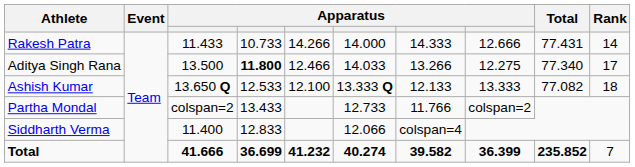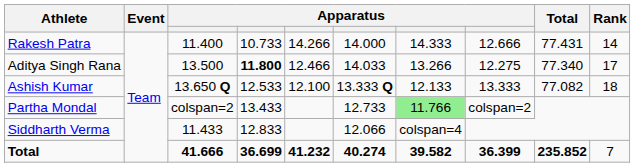 <table class=wikitable style="text-align:center; font-size:90%">
 <tr>
 <th rowspan=2>Athlete</th>
 <th rowspan=2>Event</th>
 <th colspan=6>Apparatus</th>
 <th rowspan=2>Total</th>
 <th rowspan=2>Rank</th>
 </tr>
 <tr style="font-size:95%">
 <th></th>
 <th></th>
 <th></th>
 <th></th>
 <th></th>
 <th></th>
 </tr>
 <tr>
 <td align=left><a href='#'>Rakesh Patra</a></td>
 <td align=left rowspan="6"><a href='#'>Team</a></td>
-<td>11.433</td>
+<td>11.400</td>
 <td>10.733</td>
 <td>14.266</td>
 <td>14.000</td>
 <td>14.333</td>
 <td>12.666</td>
 <td>77.431</td>
 <td>14</td>
 </tr>
 <tr>
 <td align=left>Aditya Singh Rana</td>
 <td>13.500</td>
 <td><strong>11.800</strong></td>
 <td>12.466</td>
 <td>14.033</td>
 <td>13.266</td>
 <td>12.275</td>
 <td>77.340</td>
 <td>17</td>
 </tr>
 <tr>
 <td align=left><a href='#'>Ashish Kumar</a></td>
 <td>13.650 <strong>Q</strong></td>
 <td>12.533</td>
 <td>12.100</td>
 <td>13.333 <strong>Q</strong></td>
 <td>12.133</td>
 <td>13.333</td>
 <td>77.082</td>
 <td>18</td>
 </tr>
 <tr>
 <td align=left><a href='#'>Partha Mondal</a></td>
 <td>colspan=2 </td>
 <td>13.433</td>
 <td></td>
 <td>12.733</td>
-<td>11.766</td>
+<td style="background: lightgreen;">11.766</td>
 <td>colspan=2 </td>
 </tr>
 <tr>
 <td align=left><a href='#'>Siddharth Verma</a></td>
-<td>11.400</td>
+<td>11.433</td>
 <td>12.833</td>
 <td></td>
 <td>12.066</td>
 <td>colspan=4 </td>
 </tr>
 <tr>
 <td align=left><strong>Total</strong></td>
 <td><strong>41.666</strong></td>
 <td><strong>36.699</strong></td>
 <td><strong>41.232</strong></td>
 <td><strong>40.274</strong></td>
 <td><strong>39.582</strong></td>
 <td><strong>36.399</strong></td>
 <td><strong>235.852</strong></td>
 <td>7</td>
 </tr>
 </table>
